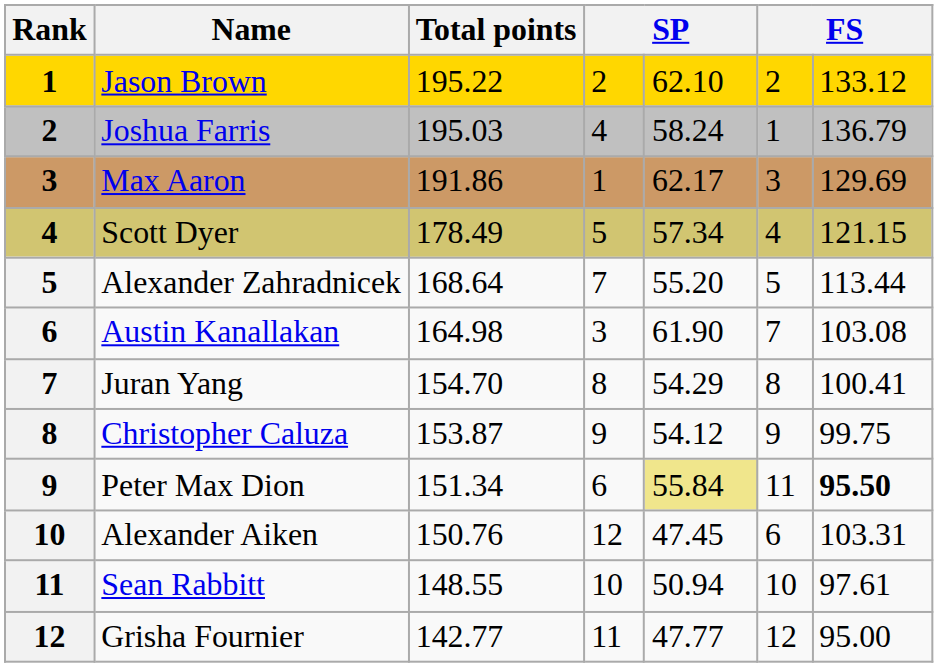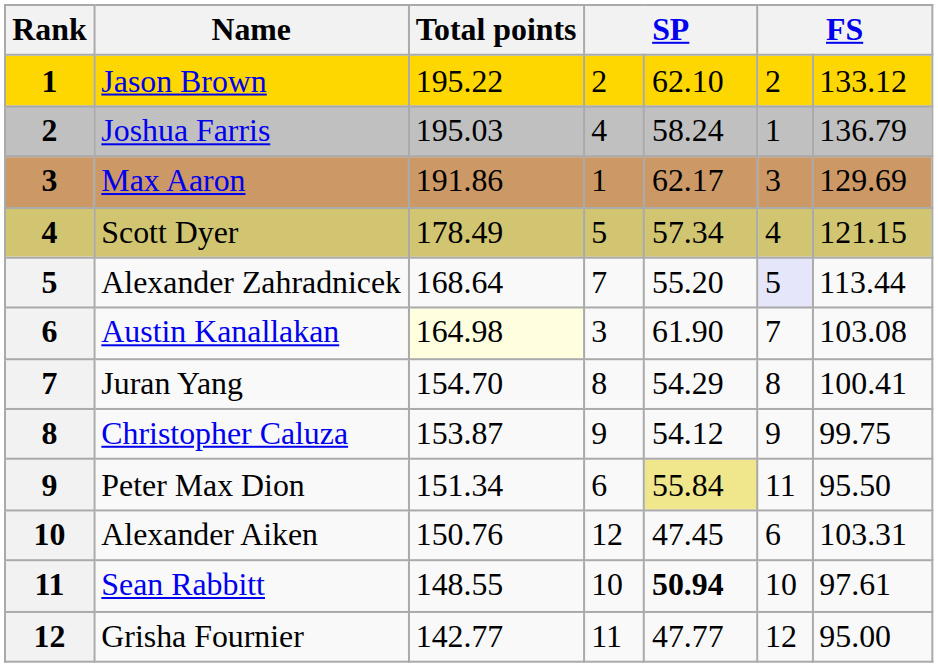 <table class="wikitable sortable">
 <tr>
 <th>Rank</th>
 <th>Name</th>
 <th>Total points</th>
 <th colspan="2" width="80px"><a href='#'>SP</a></th>
 <th colspan="2" width="80px"><a href='#'>FS</a></th>
 </tr>
 <tr bgcolor="gold">
 <td align="center"><strong>1</strong></td>
 <td><a href='#'>Jason Brown</a></td>
 <td>195.22</td>
 <td>2</td>
 <td>62.10</td>
 <td>2</td>
 <td>133.12</td>
 </tr>
 <tr bgcolor="silver">
 <td align="center"><strong>2</strong></td>
 <td><a href='#'>Joshua Farris</a></td>
 <td>195.03</td>
 <td>4</td>
 <td>58.24</td>
 <td>1</td>
 <td>136.79</td>
 </tr>
 <tr bgcolor="cc9966">
 <td align="center"><strong>3</strong></td>
 <td><a href='#'>Max Aaron</a></td>
 <td>191.86</td>
 <td>1</td>
 <td>62.17</td>
 <td>3</td>
 <td>129.69</td>
 </tr>
 <tr bgcolor="#d1c571">
 <td align="center"><strong>4</strong></td>
 <td>Scott Dyer</td>
 <td>178.49</td>
 <td>5</td>
 <td>57.34</td>
 <td>4</td>
 <td>121.15</td>
 </tr>
 <tr>
 <th>5</th>
 <td>Alexander Zahradnicek</td>
 <td>168.64</td>
 <td>7</td>
 <td>55.20</td>
-<td>5</td>
+<td style="background: lavender;">5</td>
 <td>113.44</td>
 </tr>
 <tr>
 <th>6</th>
 <td><a href='#'>Austin Kanallakan</a></td>
-<td>164.98</td>
+<td style="background: lightyellow;">164.98</td>
 <td>3</td>
 <td>61.90</td>
 <td>7</td>
 <td>103.08</td>
 </tr>
 <tr>
 <th>7</th>
 <td>Juran Yang</td>
 <td>154.70</td>
 <td>8</td>
 <td>54.29</td>
 <td>8</td>
 <td>100.41</td>
 </tr>
 <tr>
 <th>8</th>
 <td><a href='#'>Christopher Caluza</a></td>
 <td>153.87</td>
 <td>9</td>
 <td>54.12</td>
 <td>9</td>
 <td>99.75</td>
 </tr>
 <tr>
 <th>9</th>
 <td>Peter Max Dion</td>
 <td>151.34</td>
 <td>6</td>
 <td style="background: khaki;">55.84</td>
 <td>11</td>
-<td><strong>95.50</strong></td>
+<td>95.50</td>
 </tr>
 <tr>
 <th>10</th>
 <td>Alexander Aiken</td>
 <td>150.76</td>
 <td>12</td>
 <td>47.45</td>
 <td>6</td>
 <td>103.31</td>
 </tr>
 <tr>
 <th>11</th>
 <td><a href='#'>Sean Rabbitt</a></td>
 <td>148.55</td>
 <td>10</td>
-<td>50.94</td>
+<td><strong>50.94</strong></td>
 <td>10</td>
 <td>97.61</td>
 </tr>
 <tr>
 <th>12</th>
 <td>Grisha Fournier</td>
 <td>142.77</td>
 <td>11</td>
 <td>47.77</td>
 <td>12</td>
 <td>95.00</td>
 </tr>
 </table>
